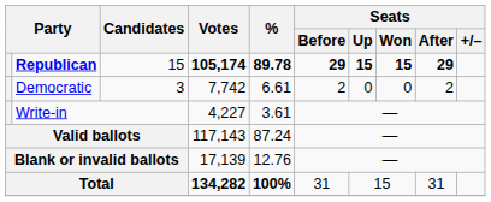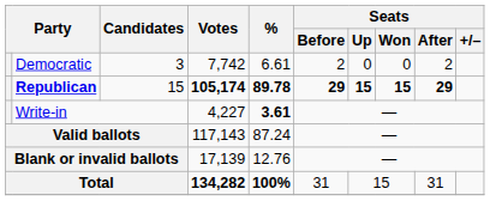 <table class="wikitable">
 <tr>
 <th rowspan="2" colspan="2">Party</th>
 <th rowspan="2">Candidates</th>
 <th rowspan="2">Votes</th>
 <th rowspan="2">%</th>
 <th colspan="5">Seats</th>
 </tr>
 <tr>
 <th>Before<br></th>
 <th>Up</th>
 <th>Won</th>
 <th>After<br></th>
 <th>+/–</th>
 </tr>
 <tr>
 <th style="background-color:"></th>
+<td><a href='#'>Democratic</a></td>
+<td align="right">3</td>
+<td align="right">7,742</td>
+<td align="right">6.61</td>
+<td align="right">2</td>
+<td align="right">0</td>
+<td align="right">0</td>
+<td align="right">2</td>
+<td align="right"></td>
+</tr>
+<tr>
+<th style="background-color:"></th>
 <td><strong><a href='#'>Republican</a></strong></td>
 <td align="right">15</td>
 <td align="right"><strong>105,174</strong></td>
 <td align="right"><strong>89.78</strong></td>
 <td align="right"><strong>29</strong></td>
 <td align="right"><strong>15</strong></td>
 <td align="right"><strong>15</strong></td>
 <td align="right"><strong>29</strong></td>
 <td align="right"></td>
 </tr>
 <tr>
-<th style="background-color:"></th>
-<td><a href='#'>Democratic</a></td>
-<td align="right">3</td>
-<td align="right">7,742</td>
-<td align="right">6.61</td>
-<td align="right">2</td>
-<td align="right">0</td>
-<td align="right">0</td>
-<td align="right">2</td>
-<td align="right"></td>
-</tr>
-<tr>
 <th style="background-color:ffffff"></th>
 <td colspan=2><a href='#'>Write-in</a></td>
 <td align="right">4,227</td>
-<td align="right">3.61</td>
+<td align="right"><strong>3.61</strong></td>
 <td align="center" colspan="5">—</td>
 </tr>
 <tr>
 <th colspan="3">Valid ballots</th>
 <td align="right">117,143</td>
 <td align="right">87.24</td>
 <td align="center" colspan="5">—</td>
 </tr>
 <tr>
 <th colspan="3">Blank or invalid ballots</th>
 <td align="right">17,139</td>
 <td align="right">12.76</td>
 <td align="center" colspan="5">—</td>
 </tr>
 <tr>
 <th colspan="3">Total</th>
 <td align="right"><strong>134,282</strong></td>
 <td align="right"><strong>100%</strong></td>
 <td align="center">31</td>
 <td colspan="2" align="center">15</td>
 <td align="center">31</td>
 <td align="right"></td>
 </tr>
 <tr>
 </tr>
 </table>
